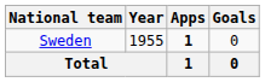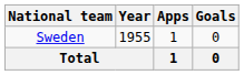 <table class="wikitable" style="text-align:center">
 <tr>
 <th>National team</th>
 <th>Year</th>
 <th>Apps</th>
 <th>Goals</th>
 </tr>
 <tr>
 <td><a href='#'>Sweden</a></td>
 <td>1955</td>
-<td><strong>1</strong></td>
+<td>1</td>
 <td>0</td>
 </tr>
 <tr>
 <th colspan="2">Total</th>
 <th>1</th>
 <th>0</th>
 </tr>
 </table>
